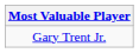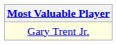 <table class=wikitable style="text-align:center">
 <tr>
 <th><a href='#'>Most Valuable Player</a></th>
 </tr>
 <tr>
-<td> <a href='#'>Gary Trent Jr.</a></td>
+<td style="background: lightyellow;"> <a href='#'>Gary Trent Jr.</a></td>
 </tr>
 </table>
